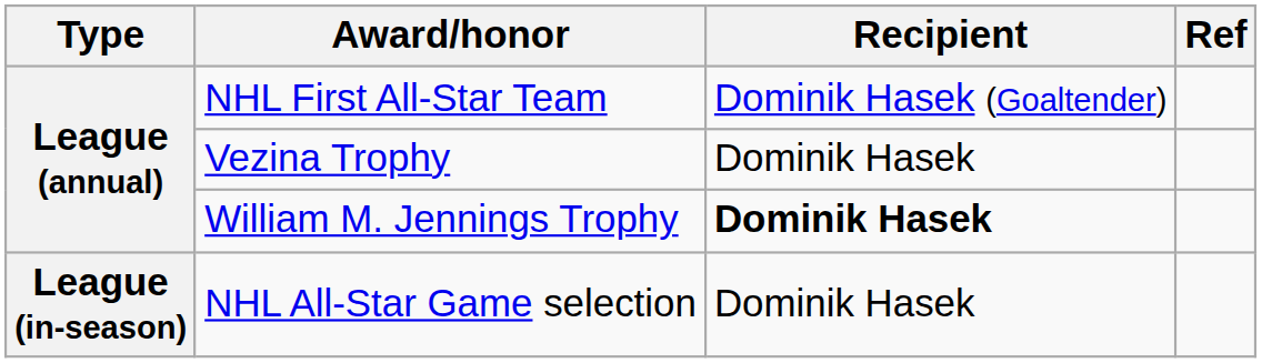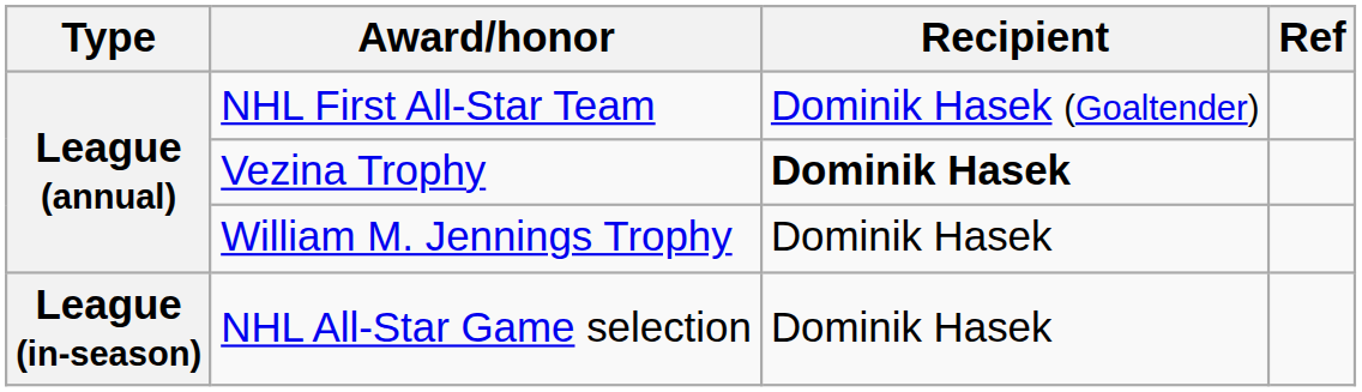 <table class="wikitable">
 <tr>
 <th scope="col">Type</th>
 <th scope="col">Award/honor</th>
 <th scope="col">Recipient</th>
 <th scope="col">Ref</th>
 </tr>
 <tr>
 <th scope="row" rowspan="3">League<br><small>(annual)</small></th>
 <td><a href='#'>NHL First All-Star Team</a></td>
 <td><a href='#'>Dominik Hasek</a> <small>(<a href='#'>Goaltender</a>)</small></td>
 <td></td>
 </tr>
 <tr>
 <td><a href='#'>Vezina Trophy</a></td>
-<td>Dominik Hasek</td>
+<td><strong>Dominik Hasek</strong></td>
 <td></td>
 </tr>
 <tr>
 <td><a href='#'>William M. Jennings Trophy</a></td>
-<td><strong>Dominik Hasek</strong></td>
+<td>Dominik Hasek</td>
 <td></td>
 </tr>
 <tr>
 <th scope="row">League<br><small>(in-season)</small></th>
 <td><a href='#'>NHL All-Star Game</a> selection</td>
 <td>Dominik Hasek</td>
 <td></td>
 </tr>
 </table>
